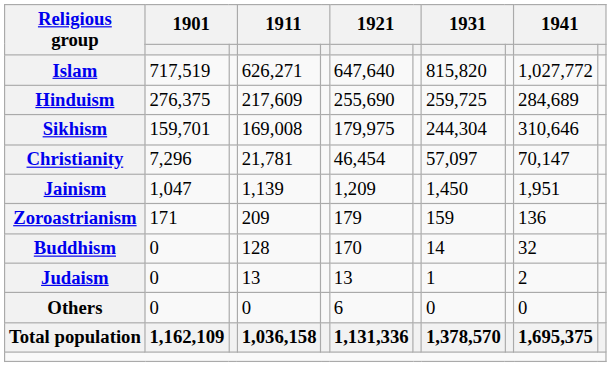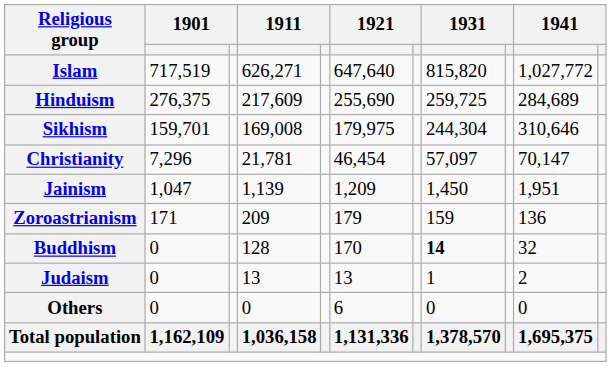 <table class="wikitable sortable">
 <tr>
 <th rowspan="2"><a href='#'>Religious</a><br>group</th>
 <th colspan="2">1901</th>
 <th colspan="2">1911</th>
 <th colspan="2">1921</th>
 <th colspan="2">1931</th>
 <th colspan="2">1941</th>
 </tr>
 <tr>
 <th><a href='#'></a></th>
 <th></th>
 <th></th>
 <th></th>
 <th></th>
 <th></th>
 <th></th>
 <th></th>
 <th></th>
 <th></th>
 </tr>
 <tr>
 <th><a href='#'>Islam</a> </th>
 <td>717,519</td>
 <td></td>
 <td>626,271</td>
 <td></td>
 <td>647,640</td>
 <td></td>
 <td>815,820</td>
 <td></td>
 <td>1,027,772</td>
 <td></td>
 </tr>
 <tr>
 <th><a href='#'>Hinduism</a> </th>
 <td>276,375</td>
 <td></td>
 <td>217,609</td>
 <td></td>
 <td>255,690</td>
 <td></td>
 <td>259,725</td>
 <td></td>
 <td>284,689</td>
 <td></td>
 </tr>
 <tr>
 <th><a href='#'>Sikhism</a> </th>
 <td>159,701</td>
 <td></td>
 <td>169,008</td>
 <td></td>
 <td>179,975</td>
 <td></td>
 <td>244,304</td>
 <td></td>
 <td>310,646</td>
 <td></td>
 </tr>
 <tr>
 <th><a href='#'>Christianity</a> </th>
 <td>7,296</td>
 <td></td>
 <td>21,781</td>
 <td></td>
 <td>46,454</td>
 <td></td>
 <td>57,097</td>
 <td></td>
 <td>70,147</td>
 <td></td>
 </tr>
 <tr>
 <th><a href='#'>Jainism</a> </th>
 <td>1,047</td>
 <td></td>
 <td>1,139</td>
 <td></td>
 <td>1,209</td>
 <td></td>
 <td>1,450</td>
 <td></td>
 <td>1,951</td>
 <td></td>
 </tr>
 <tr>
 <th><a href='#'>Zoroastrianism</a> </th>
 <td>171</td>
 <td></td>
 <td>209</td>
 <td></td>
 <td>179</td>
 <td></td>
 <td>159</td>
 <td></td>
 <td>136</td>
 <td></td>
 </tr>
 <tr>
 <th><a href='#'>Buddhism</a> </th>
 <td>0</td>
 <td></td>
 <td>128</td>
 <td></td>
 <td>170</td>
 <td></td>
-<td>14</td>
+<td><strong>14</strong></td>
 <td></td>
 <td>32</td>
 <td></td>
 </tr>
 <tr>
 <th><a href='#'>Judaism</a> </th>
 <td>0</td>
 <td></td>
 <td>13</td>
 <td></td>
 <td>13</td>
 <td></td>
 <td>1</td>
 <td></td>
 <td>2</td>
 <td></td>
 </tr>
 <tr>
 <th>Others</th>
 <td>0</td>
 <td></td>
 <td>0</td>
 <td></td>
 <td>6</td>
 <td></td>
 <td>0</td>
 <td></td>
 <td>0</td>
 <td></td>
 </tr>
 <tr>
 <th>Total population</th>
 <th>1,162,109</th>
 <th></th>
 <th>1,036,158</th>
 <th></th>
 <th>1,131,336</th>
 <th></th>
 <th>1,378,570</th>
 <th></th>
 <th>1,695,375</th>
 <th></th>
 </tr>
 <tr class="sortbottom">
 <td colspan="11"></td>
 </tr>
 </table>
